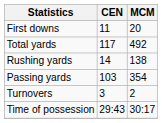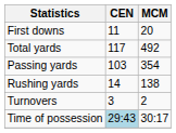 <table class="wikitable">
 <tr>
 <th>Statistics</th>
 <th>CEN</th>
 <th>MCM</th>
 </tr>
 <tr>
 <td>First downs</td>
 <td>11</td>
 <td>20</td>
 </tr>
 <tr>
 <td>Total yards</td>
 <td>117</td>
 <td>492</td>
 </tr>
 <tr>
+<td>Passing yards</td>
+<td>103</td>
+<td>354</td>
+</tr>
+<tr>
 <td>Rushing yards</td>
 <td>14</td>
 <td>138</td>
-</tr>
-<tr>
-<td>Passing yards</td>
-<td>103</td>
-<td>354</td>
 </tr>
 <tr>
 <td>Turnovers</td>
 <td>3</td>
 <td>2</td>
 </tr>
 <tr>
 <td>Time of possession</td>
-<td>29:43</td>
+<td style="background: lightblue;">29:43</td>
 <td>30:17</td>
 </tr>
 <tr>
 </tr>
 </table>
